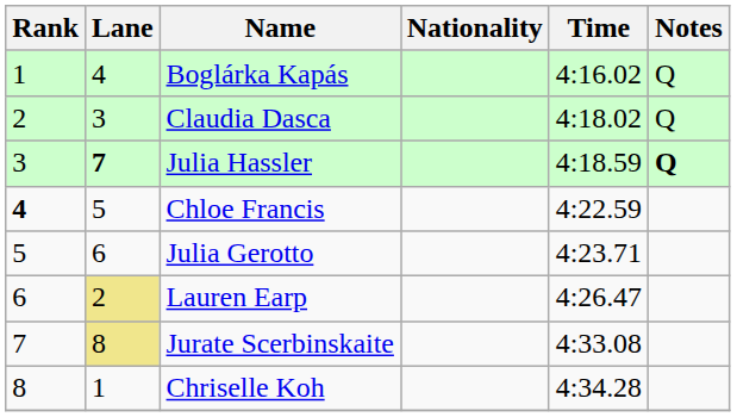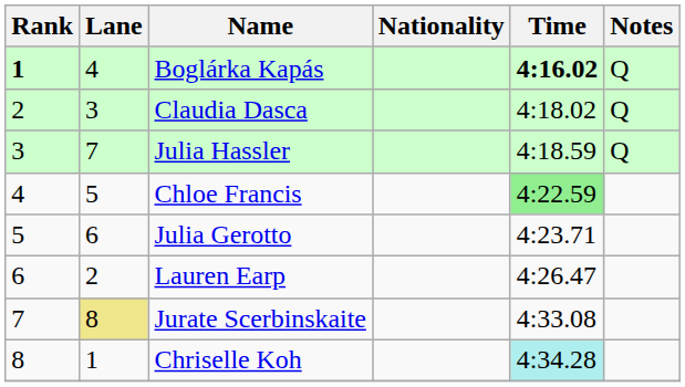 <table class="wikitable">
 <tr>
 <th>Rank</th>
 <th>Lane</th>
 <th>Name</th>
 <th>Nationality</th>
 <th>Time</th>
 <th>Notes</th>
 </tr>
 <tr bgcolor=ccffcc>
-<td>1</td>
+<td><strong>1</strong></td>
 <td>4</td>
 <td><a href='#'>Boglárka Kapás</a></td>
 <td></td>
-<td>4:16.02</td>
+<td><strong>4:16.02</strong></td>
 <td>Q</td>
 </tr>
 <tr bgcolor=ccffcc>
 <td>2</td>
 <td>3</td>
 <td><a href='#'>Claudia Dasca</a></td>
 <td></td>
 <td>4:18.02</td>
 <td>Q</td>
 </tr>
 <tr bgcolor=ccffcc>
 <td>3</td>
-<td><strong>7</strong></td>
+<td>7</td>
 <td><a href='#'>Julia Hassler</a></td>
 <td></td>
 <td>4:18.59</td>
-<td><strong>Q</strong></td>
+<td>Q</td>
 </tr>
 <tr>
-<td><strong>4</strong></td>
+<td>4</td>
 <td>5</td>
 <td><a href='#'>Chloe Francis</a></td>
 <td></td>
-<td>4:22.59</td>
+<td style="background: lightgreen;">4:22.59</td>
 <td></td>
 </tr>
 <tr>
 <td>5</td>
 <td>6</td>
 <td><a href='#'>Julia Gerotto</a></td>
 <td></td>
 <td>4:23.71</td>
 <td></td>
 </tr>
 <tr>
 <td>6</td>
-<td style="background: khaki;">2</td>
+<td>2</td>
 <td><a href='#'>Lauren Earp</a></td>
 <td></td>
 <td>4:26.47</td>
 <td></td>
 </tr>
 <tr>
 <td>7</td>
 <td style="background: khaki;">8</td>
 <td><a href='#'>Jurate Scerbinskaite</a></td>
 <td></td>
 <td>4:33.08</td>
 <td></td>
 </tr>
 <tr>
 <td>8</td>
 <td>1</td>
 <td><a href='#'>Chriselle Koh</a></td>
 <td></td>
-<td>4:34.28</td>
+<td style="background: paleturquoise;">4:34.28</td>
 <td></td>
 </tr>
 <tr>
 </tr>
 </table>
